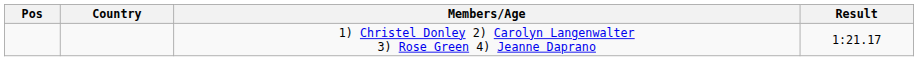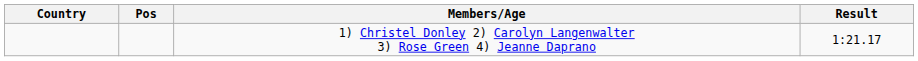 <table class="wikitable"  style="text-align:center; width:80%;">
 <tr>
+<th>Country</th>
 <th>Pos</th>
-<th>Country</th>
 <th>Members/Age</th>
 <th>Result</th>
 </tr>
 <tr>
+<td align=left></td>
 <td align=center></td>
-<td align=left></td>
 <td>1) <a href='#'>Christel Donley</a> 2) <a href='#'>Carolyn Langenwalter</a> <br>3) <a href='#'>Rose Green</a> 4) <a href='#'>Jeanne Daprano</a></td>
 <td>1:21.17</td>
 </tr>
 </table>
